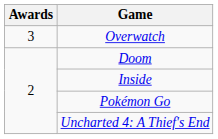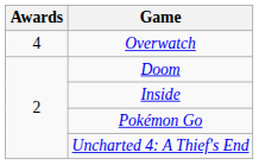 <table class="wikitable" rowspan="2" style="text-align:center;">
 <tr>
 <th style="width:55px;">Awards</th>
 <th style="text-align:center;">Game</th>
 </tr>
 <tr>
-<td style="text-align:center;">3</td>
+<td style="text-align:center;">4</td>
 <td><em><a href='#'>Overwatch</a></em></td>
 </tr>
 <tr>
 <td rowspan=4 style="text-align:center">2</td>
 <td><em><a href='#'>Doom</a></em></td>
 </tr>
 <tr>
 <td><em><a href='#'>Inside</a></em></td>
 </tr>
 <tr>
 <td><em><a href='#'>Pokémon Go</a></em></td>
 </tr>
 <tr>
 <td><em><a href='#'>Uncharted 4: A Thief's End</a></em></td>
 </tr>
 </table>
